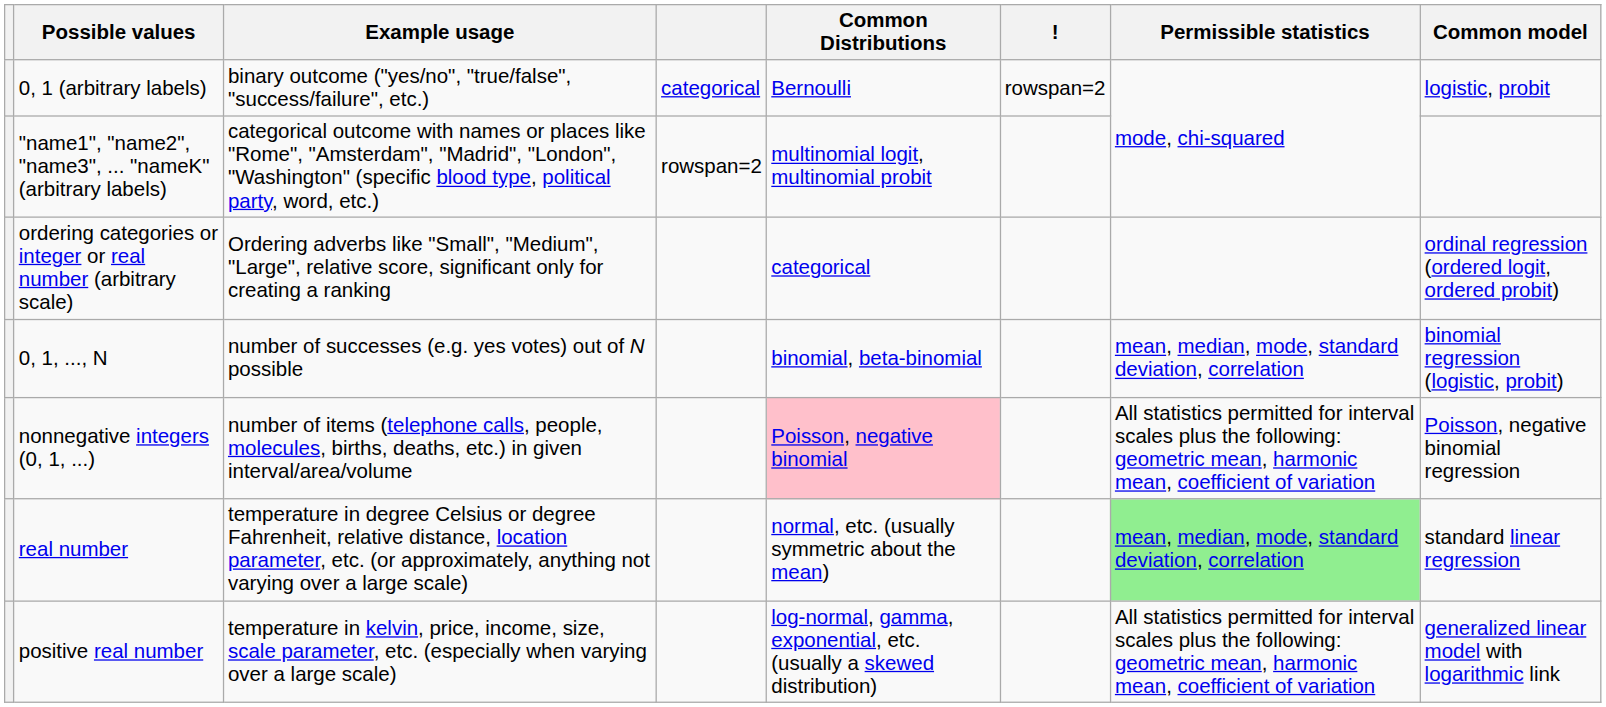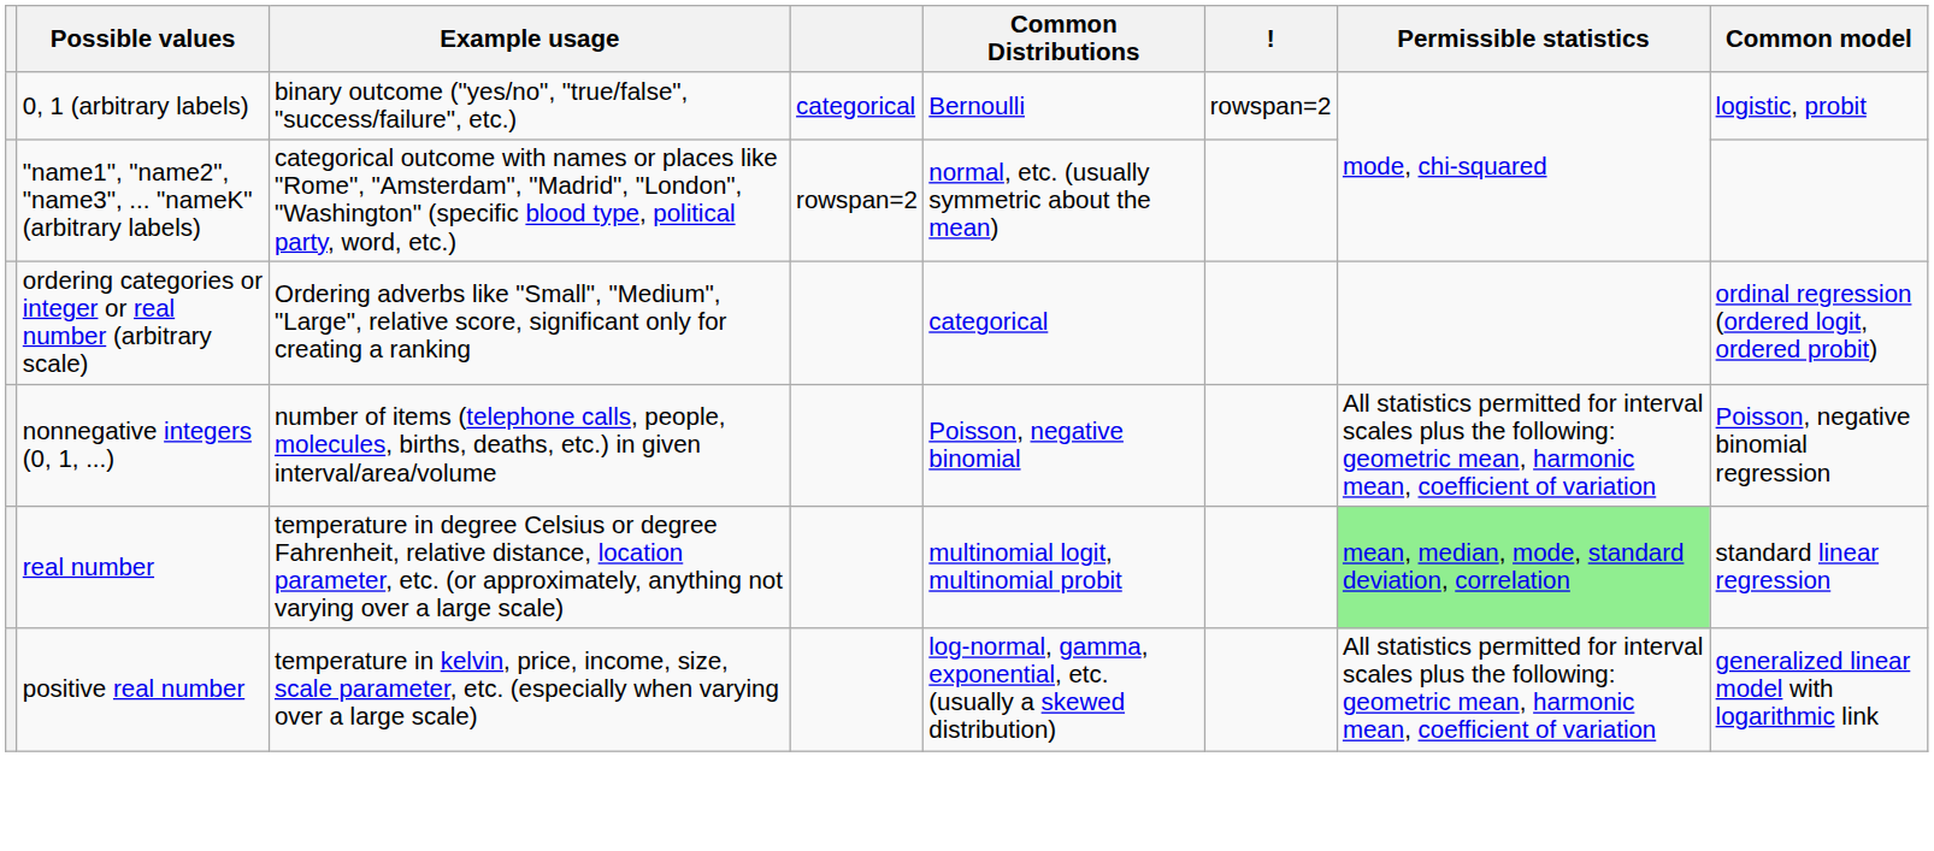 <table class="wikitable">
 <tr>
 <th></th>
 <th>Possible values</th>
 <th>Example usage</th>
 <th></th>
 <th>Common<br>Distributions</th>
 <th>! </th>
 <th>Permissible statistics</th>
 <th>Common model</th>
 </tr>
 <tr>
 <th></th>
 <td>0, 1 (arbitrary labels)</td>
 <td>binary outcome ("yes/no", "true/false", "success/failure", etc.)</td>
 <td><a href='#'>categorical</a></td>
 <td><a href='#'>Bernoulli</a></td>
 <td>rowspan=2 </td>
 <td rowspan=2><a href='#'>mode</a>, <a href='#'>chi-squared</a></td>
 <td><a href='#'>logistic</a>, <a href='#'>probit</a></td>
 </tr>
 <tr>
 <th></th>
 <td>"name1", "name2", "name3", ... "nameK" (arbitrary labels)</td>
 <td>categorical outcome with names or places like "Rome", "Amsterdam", "Madrid", "London", "Washington" (specific <a href='#'>blood type</a>, <a href='#'>political party</a>, word, etc.)</td>
 <td>rowspan=2 </td>
-<td><a href='#'>multinomial logit</a>, <a href='#'>multinomial probit</a></td>
+<td><a href='#'>normal</a>, etc. (usually symmetric about the <a href='#'>mean</a>)</td>
 </tr>
 <tr>
 <th></th>
 <td>ordering categories or <a href='#'>integer</a> or <a href='#'>real number</a> (arbitrary scale)</td>
 <td>Ordering adverbs like "Small", "Medium", "Large", relative score, significant only for creating a ranking</td>
 <td></td>
 <td><a href='#'>categorical</a></td>
 <td></td>
 <td></td>
 <td><a href='#'>ordinal regression</a> (<a href='#'>ordered logit</a>, <a href='#'>ordered probit</a>)</td>
 </tr>
 <tr>
 <th></th>
-<td>0, 1, ..., N</td>
-<td>number of successes (e.g. yes votes) out of <em>N</em> possible</td>
-<td></td>
-<td><a href='#'>binomial</a>, <a href='#'>beta-binomial</a></td>
-<td></td>
-<td><a href='#'>mean</a>, <a href='#'>median</a>, <a href='#'>mode</a>, <a href='#'>standard deviation</a>, <a href='#'>correlation</a></td>
-<td><a href='#'>binomial regression</a> (<a href='#'>logistic</a>, <a href='#'>probit</a>)</td>
-</tr>
-<tr>
-<th></th>
 <td>nonnegative <a href='#'>integers</a> (0, 1, ...)</td>
 <td>number of items (<a href='#'>telephone calls</a>, people, <a href='#'>molecules</a>, births, deaths, etc.) in given interval/area/volume</td>
 <td></td>
-<td style="background: pink;"><a href='#'>Poisson</a>, <a href='#'>negative binomial</a></td>
+<td><a href='#'>Poisson</a>, <a href='#'>negative binomial</a></td>
 <td></td>
 <td>All statistics permitted for interval scales plus the following: <a href='#'>geometric mean</a>, <a href='#'>harmonic mean</a>, <a href='#'>coefficient of variation</a></td>
 <td><a href='#'>Poisson</a>, negative binomial regression</td>
 </tr>
 <tr>
 <th></th>
 <td><a href='#'>real number</a></td>
 <td>temperature in degree Celsius or degree Fahrenheit, relative distance, <a href='#'>location parameter</a>, etc. (or approximately, anything not varying over a large scale)</td>
 <td></td>
-<td><a href='#'>normal</a>, etc. (usually symmetric about the <a href='#'>mean</a>)</td>
+<td><a href='#'>multinomial logit</a>, <a href='#'>multinomial probit</a></td>
 <td></td>
 <td style="background: lightgreen;"><a href='#'>mean</a>, <a href='#'>median</a>, <a href='#'>mode</a>, <a href='#'>standard deviation</a>, <a href='#'>correlation</a></td>
 <td>standard <a href='#'>linear regression</a></td>
 </tr>
 <tr>
 <th></th>
 <td>positive <a href='#'>real number</a></td>
 <td>temperature in <a href='#'>kelvin</a>, price, income, size, <a href='#'>scale parameter</a>, etc. (especially when varying over a large scale)</td>
 <td></td>
 <td><a href='#'>log-normal</a>, <a href='#'>gamma</a>, <a href='#'>exponential</a>, etc. (usually a <a href='#'>skewed</a> distribution)</td>
 <td></td>
 <td>All statistics permitted for interval scales plus the following: <a href='#'>geometric mean</a>, <a href='#'>harmonic mean</a>, <a href='#'>coefficient of variation</a></td>
 <td><a href='#'>generalized linear model</a> with <a href='#'>logarithmic</a> link</td>
 </tr>
 </table>
